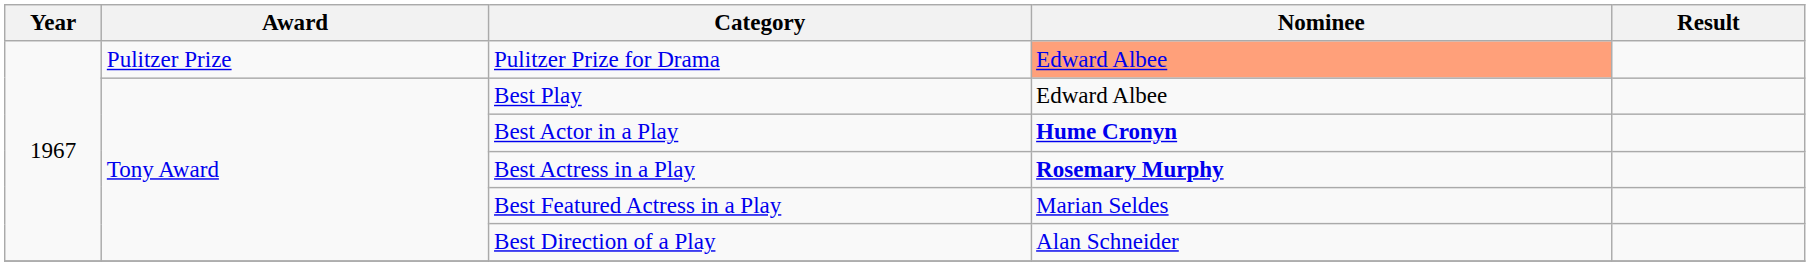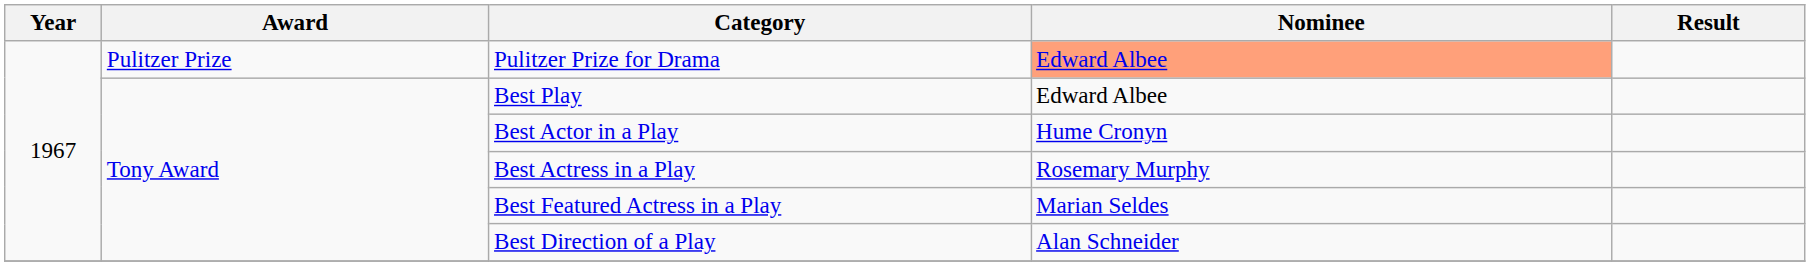 <table class="wikitable unsortable" style="width: 99%;">
 <tr>
 <th scope="col" style="width:5%;">Year</th>
 <th scope="col" style="width:20%;">Award</th>
 <th scope="col" style="width:28%;">Category</th>
 <th scope="col" style="width:30%;">Nominee</th>
 <th scope="col" style="width:10%;">Result</th>
 </tr>
 <tr>
 <td align="center", rowspan=6>1967</td>
 <td><a href='#'>Pulitzer Prize</a></td>
 <td><a href='#'>Pulitzer Prize for Drama</a></td>
 <td style="background: lightsalmon;"><a href='#'>Edward Albee</a></td>
 <td></td>
 </tr>
 <tr>
 <td rowspan=5><a href='#'>Tony Award</a></td>
 <td><a href='#'>Best Play</a></td>
 <td>Edward Albee</td>
 <td></td>
 </tr>
 <tr>
 <td><a href='#'>Best Actor in a Play</a></td>
-<td><strong><a href='#'>Hume Cronyn</a></strong></td>
+<td><a href='#'>Hume Cronyn</a></td>
 <td></td>
 </tr>
 <tr>
 <td><a href='#'>Best Actress in a Play</a></td>
-<td><strong><a href='#'>Rosemary Murphy</a></strong></td>
+<td><a href='#'>Rosemary Murphy</a></td>
 <td></td>
 </tr>
 <tr>
 <td><a href='#'>Best Featured Actress in a Play</a></td>
 <td><a href='#'>Marian Seldes</a></td>
 <td></td>
 </tr>
 <tr>
 <td><a href='#'>Best Direction of a Play</a></td>
 <td><a href='#'>Alan Schneider</a></td>
 <td></td>
 </tr>
 <tr>
 </tr>
 </table>
